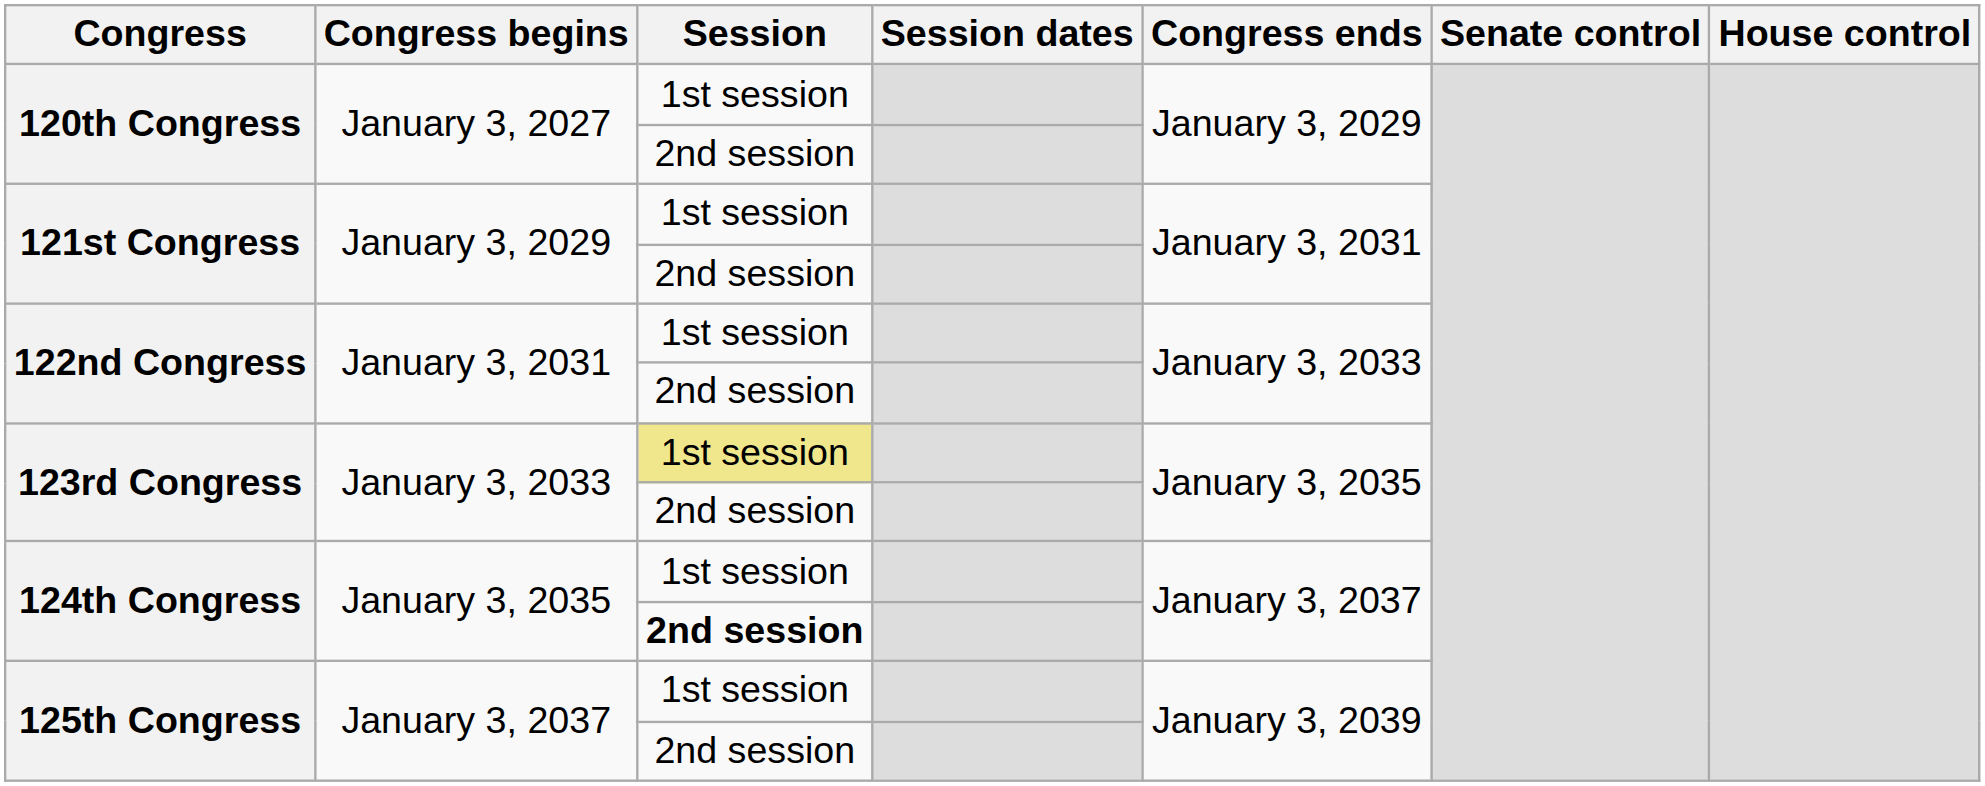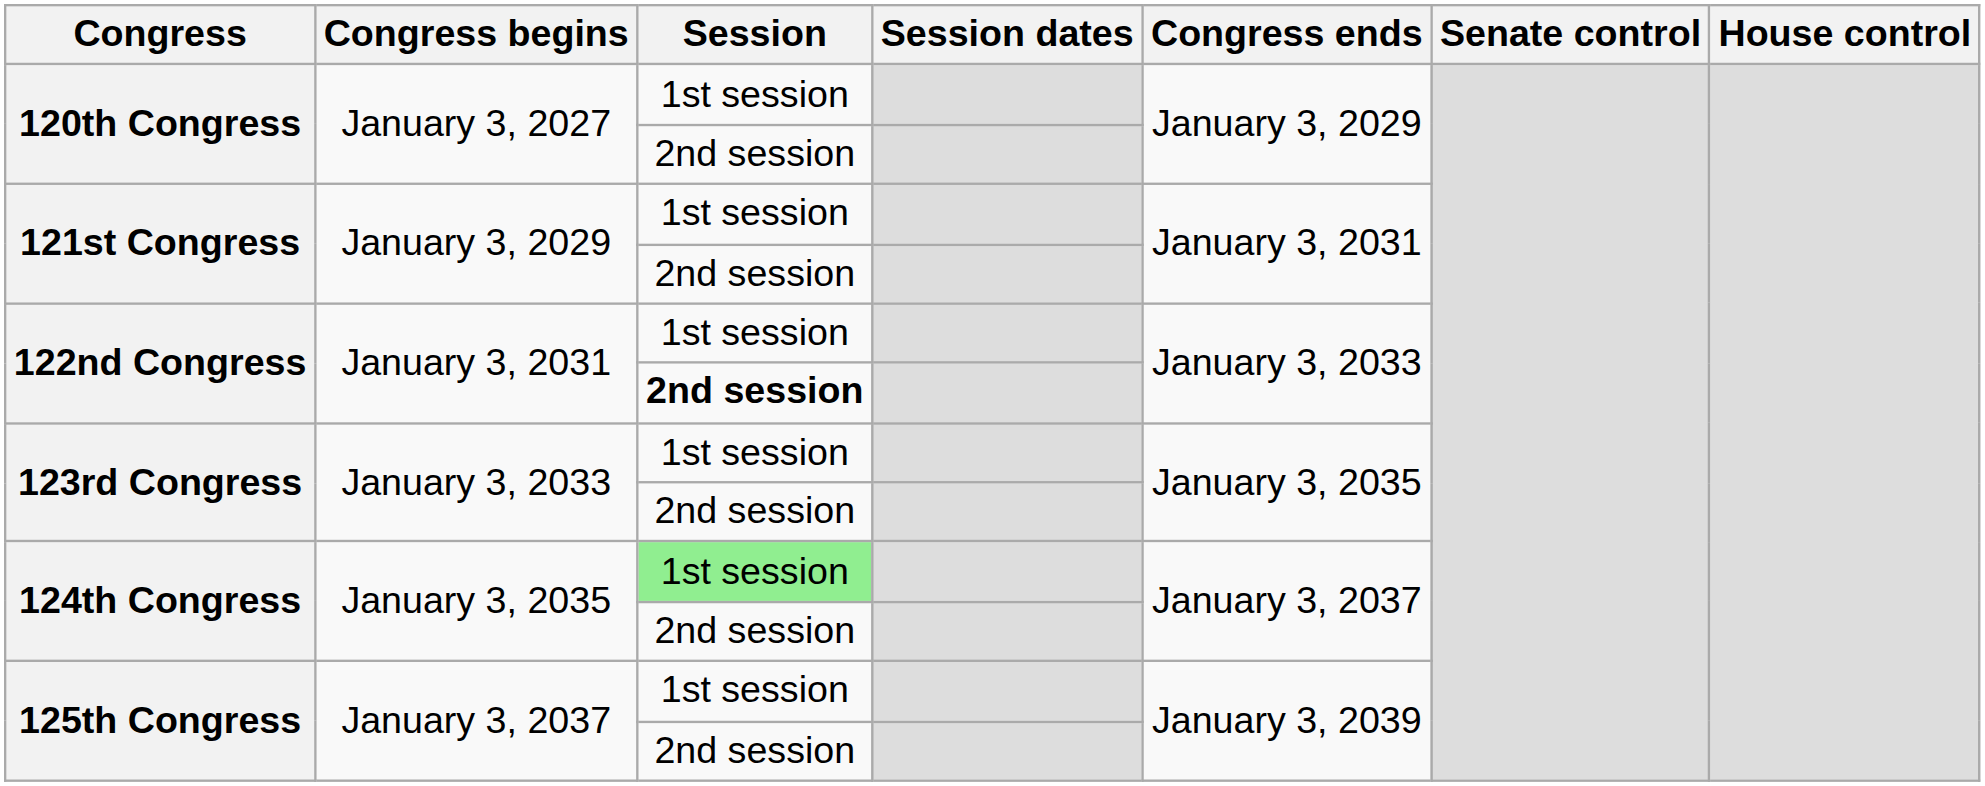 <table class=wikitable style="text-align:center">
 <tr>
 <th>Congress</th>
 <th>Congress begins</th>
 <th>Session</th>
 <th>Session dates</th>
 <th>Congress ends</th>
 <th>Senate control</th>
 <th>House control</th>
 </tr>
 <tr>
 <th rowspan=2>120th Congress</th>
 <td rowspan=2>January 3, 2027</td>
 <td>1st session</td>
 <td style="background-color:#dddddd" align="center"></td>
 <td rowspan=2>January 3, 2029</td>
 <td rowspan=12 style="background-color:#dddddd" align="center"></td>
 <td rowspan=12 style="background-color:#dddddd" align="center"></td>
 </tr>
 <tr>
 <td>2nd session</td>
 <td style="background-color:#dddddd" align="center"></td>
 </tr>
 <tr>
 <th rowspan=2>121st Congress</th>
 <td rowspan=2>January 3, 2029</td>
 <td>1st session</td>
 <td style="background-color:#dddddd" align="center"></td>
 <td rowspan=2>January 3, 2031</td>
 </tr>
 <tr>
 <td>2nd session</td>
 <td style="background-color:#dddddd" align="center"></td>
 </tr>
 <tr>
 <th rowspan=2>122nd Congress</th>
 <td rowspan=2>January 3, 2031</td>
 <td>1st session</td>
 <td style="background-color:#dddddd" align="center"></td>
 <td rowspan=2>January 3, 2033</td>
 </tr>
 <tr>
-<td>2nd session</td>
+<td><strong>2nd session</strong></td>
 <td style="background-color:#dddddd" align="center"></td>
 </tr>
 <tr>
 <th rowspan=2>123rd Congress</th>
 <td rowspan=2>January 3, 2033</td>
-<td style="background: khaki;">1st session</td>
+<td>1st session</td>
 <td style="background-color:#dddddd" align="center"></td>
 <td rowspan=2>January 3, 2035</td>
 </tr>
 <tr>
 <td>2nd session</td>
 <td style="background-color:#dddddd" align="center"></td>
 </tr>
 <tr>
 <th rowspan=2>124th Congress</th>
 <td rowspan=2>January 3, 2035</td>
-<td>1st session</td>
+<td style="background: lightgreen;">1st session</td>
 <td style="background-color:#dddddd" align="center"></td>
 <td rowspan=2>January 3, 2037</td>
 </tr>
 <tr>
-<td><strong>2nd session</strong></td>
+<td>2nd session</td>
 <td style="background-color:#dddddd" align="center"></td>
 </tr>
 <tr>
 <th rowspan=2>125th Congress</th>
 <td rowspan=2>January 3, 2037</td>
 <td>1st session</td>
 <td style="background-color:#dddddd" align="center"></td>
 <td rowspan=2>January 3, 2039</td>
 </tr>
 <tr>
 <td>2nd session</td>
 <td style="background-color:#dddddd" align="center"></td>
 </tr>
 </table>
